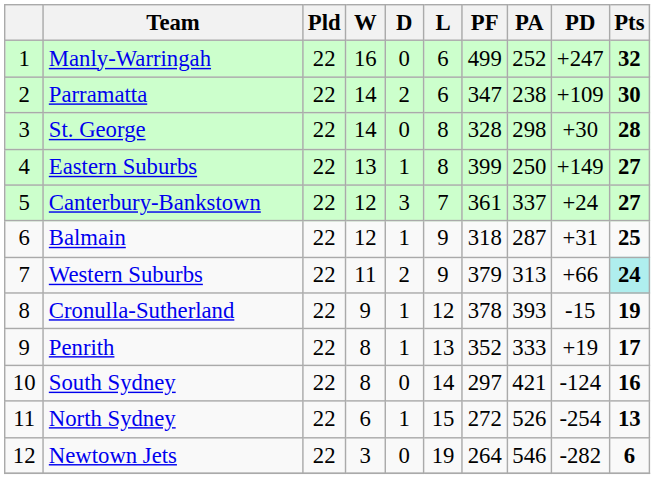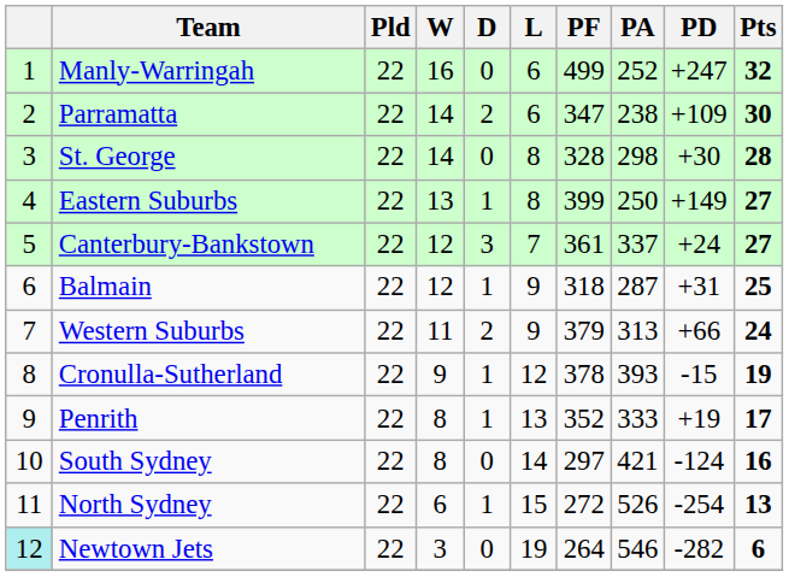 <table class="wikitable" style="text-align:center;">
 <tr>
 <th width=20 abbr="Position×"></th>
 <th width=175>Team</th>
 <th width=20 abbr="Played">Pld</th>
 <th width=20 abbr="Won">W</th>
 <th width=20 abbr="Drawn">D</th>
 <th width=20 abbr="Lost">L</th>
 <th width=20 abbr="Points for">PF</th>
 <th width=20 abbr="Points against">PA</th>
 <th width=20 abbr="Points difference">PD</th>
 <th width=20 abbr="Points">Pts</th>
 </tr>
 <tr style="background: #ccffcc;">
 <td>1</td>
 <td style="text-align:left;"> <a href='#'>Manly-Warringah</a></td>
 <td>22</td>
 <td>16</td>
 <td>0</td>
 <td>6</td>
 <td>499</td>
 <td>252</td>
 <td>+247</td>
 <td><strong>32</strong></td>
 </tr>
 <tr style="background: #ccffcc;">
 <td>2</td>
 <td style="text-align:left;"> <a href='#'>Parramatta</a></td>
 <td>22</td>
 <td>14</td>
 <td>2</td>
 <td>6</td>
 <td>347</td>
 <td>238</td>
 <td>+109</td>
 <td><strong>30</strong></td>
 </tr>
 <tr style="background: #ccffcc;">
 <td>3</td>
 <td style="text-align:left;"> <a href='#'>St. George</a></td>
 <td>22</td>
 <td>14</td>
 <td>0</td>
 <td>8</td>
 <td>328</td>
 <td>298</td>
 <td>+30</td>
 <td><strong>28</strong></td>
 </tr>
 <tr style="background: #ccffcc;">
 <td>4</td>
 <td style="text-align:left;"> <a href='#'>Eastern Suburbs</a></td>
 <td>22</td>
 <td>13</td>
 <td>1</td>
 <td>8</td>
 <td>399</td>
 <td>250</td>
 <td>+149</td>
 <td><strong>27</strong></td>
 </tr>
 <tr style="background: #ccffcc;">
 <td>5</td>
 <td style="text-align:left;"> <a href='#'>Canterbury-Bankstown</a></td>
 <td>22</td>
 <td>12</td>
 <td>3</td>
 <td>7</td>
 <td>361</td>
 <td>337</td>
 <td>+24</td>
 <td><strong>27</strong></td>
 </tr>
 <tr>
 <td>6</td>
 <td style="text-align:left;"> <a href='#'>Balmain</a></td>
 <td>22</td>
 <td>12</td>
 <td>1</td>
 <td>9</td>
 <td>318</td>
 <td>287</td>
 <td>+31</td>
 <td><strong>25</strong></td>
 </tr>
 <tr>
 <td>7</td>
 <td style="text-align:left;"> <a href='#'>Western Suburbs</a></td>
 <td>22</td>
 <td>11</td>
 <td>2</td>
 <td>9</td>
 <td>379</td>
 <td>313</td>
 <td>+66</td>
-<td style="background: paleturquoise;"><strong>24</strong></td>
+<td><strong>24</strong></td>
 </tr>
 <tr>
 <td>8</td>
 <td style="text-align:left;"> <a href='#'>Cronulla-Sutherland</a></td>
 <td>22</td>
 <td>9</td>
 <td>1</td>
 <td>12</td>
 <td>378</td>
 <td>393</td>
 <td>-15</td>
 <td><strong>19</strong></td>
 </tr>
 <tr>
 <td>9</td>
 <td style="text-align:left;"> <a href='#'>Penrith</a></td>
 <td>22</td>
 <td>8</td>
 <td>1</td>
 <td>13</td>
 <td>352</td>
 <td>333</td>
 <td>+19</td>
 <td><strong>17</strong></td>
 </tr>
 <tr>
 <td>10</td>
 <td style="text-align:left;"> <a href='#'>South Sydney</a></td>
 <td>22</td>
 <td>8</td>
 <td>0</td>
 <td>14</td>
 <td>297</td>
 <td>421</td>
 <td>-124</td>
 <td><strong>16</strong></td>
 </tr>
 <tr>
 <td>11</td>
 <td style="text-align:left;"> <a href='#'>North Sydney</a></td>
 <td>22</td>
 <td>6</td>
 <td>1</td>
 <td>15</td>
 <td>272</td>
 <td>526</td>
 <td>-254</td>
 <td><strong>13</strong></td>
 </tr>
 <tr>
-<td>12</td>
+<td style="background: paleturquoise;">12</td>
 <td style="text-align:left;"> <a href='#'>Newtown Jets</a></td>
 <td>22</td>
 <td>3</td>
 <td>0</td>
 <td>19</td>
 <td>264</td>
 <td>546</td>
 <td>-282</td>
 <td><strong>6</strong></td>
 </tr>
 <tr>
 </tr>
 </table>
